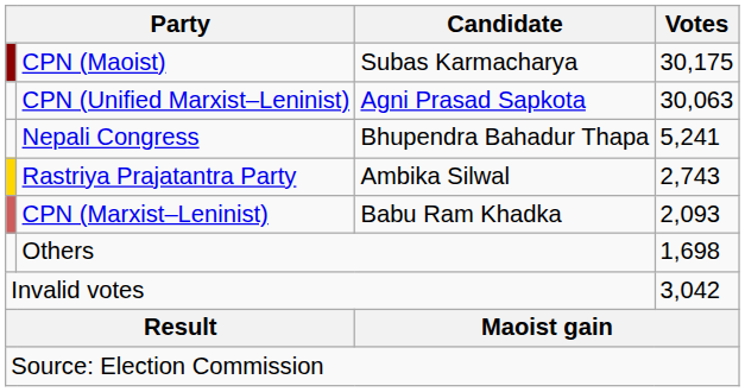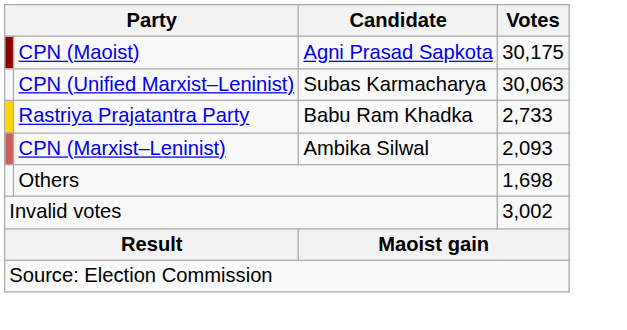 <table class="wikitable">
 <tr>
 <th colspan="2">Party</th>
 <th>Candidate</th>
 <th>Votes</th>
 </tr>
 <tr>
 <td style="background-color:darkred"></td>
 <td><a href='#'>CPN (Maoist)</a></td>
-<td>Subas Karmacharya</td>
+<td><a href='#'>Agni Prasad Sapkota</a></td>
 <td>30,175</td>
 </tr>
 <tr>
 <td style="background-color:"></td>
 <td><a href='#'>CPN (Unified Marxist–Leninist)</a></td>
-<td><a href='#'>Agni Prasad Sapkota</a></td>
+<td>Subas Karmacharya</td>
 <td>30,063</td>
-</tr>
-<tr>
-<td style="background-color:"></td>
-<td><a href='#'>Nepali Congress</a></td>
-<td>Bhupendra Bahadur Thapa</td>
-<td>5,241</td>
 </tr>
 <tr>
 <td style="background-color:gold"></td>
 <td><a href='#'>Rastriya Prajatantra Party</a></td>
-<td>Ambika Silwal</td>
-<td>2,743</td>
+<td>Babu Ram Khadka</td>
+<td>2,733</td>
 </tr>
 <tr>
 <td style="background-color:indianred"></td>
 <td><a href='#'>CPN (Marxist–Leninist)</a></td>
-<td>Babu Ram Khadka</td>
+<td>Ambika Silwal</td>
 <td>2,093</td>
 </tr>
 <tr>
 <td></td>
 <td colspan="2">Others</td>
 <td>1,698</td>
 </tr>
 <tr>
 <td colspan="3">Invalid votes</td>
-<td>3,042</td>
+<td>3,002</td>
 </tr>
 <tr>
 <th colspan="2">Result</th>
 <th colspan="2">Maoist gain</th>
 </tr>
 <tr>
 <td colspan="4">Source: Election Commission</td>
 </tr>
 </table>
